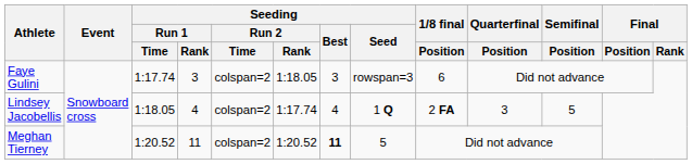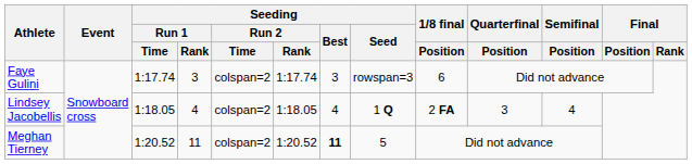 <table class=wikitable style=font-size:90%;text-align:center>
 <tr>
 <th rowspan=3>Athlete</th>
 <th rowspan=3>Event</th>
 <th colspan=6>Seeding</th>
 <th rowspan=2>1/8 final</th>
 <th rowspan=2>Quarterfinal</th>
 <th rowspan=2>Semifinal</th>
 <th rowspan=2 colspan=2>Final</th>
 </tr>
 <tr style=font-size:95%>
 <th colspan=2>Run 1</th>
 <th colspan=2>Run 2</th>
 <th rowspan=2>Best</th>
 <th rowspan=2>Seed</th>
 </tr>
 <tr style=font-size:95%>
 <th>Time</th>
 <th>Rank</th>
 <th>Time</th>
 <th>Rank</th>
 <th>Position</th>
 <th>Position</th>
 <th>Position</th>
 <th>Position</th>
 <th>Rank</th>
 </tr>
 <tr>
 <td align=left><a href='#'>Faye Gulini</a></td>
 <td style="text-align:left;" rowspan="3"><a href='#'>Snowboard cross</a></td>
 <td>1:17.74</td>
 <td>3</td>
 <td>colspan=2 </td>
-<td>1:18.05</td>
+<td>1:17.74</td>
 <td>3</td>
 <td>rowspan=3 </td>
 <td>6</td>
 <td colspan=3>Did not advance</td>
 </tr>
 <tr>
 <td align=left><a href='#'>Lindsey Jacobellis</a></td>
 <td>1:18.05</td>
 <td>4</td>
 <td>colspan=2 </td>
-<td>1:17.74</td>
+<td>1:18.05</td>
 <td>4</td>
 <td>1 <strong>Q</strong></td>
 <td>2 <strong>FA</strong></td>
 <td>3</td>
-<td>5</td>
+<td>4</td>
 </tr>
 <tr>
 <td align=left><a href='#'>Meghan Tierney</a></td>
 <td>1:20.52</td>
 <td>11</td>
 <td>colspan=2 </td>
 <td>1:20.52</td>
 <td><strong>11</strong></td>
 <td>5</td>
 <td colspan=3>Did not advance</td>
 </tr>
 </table>
